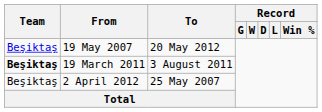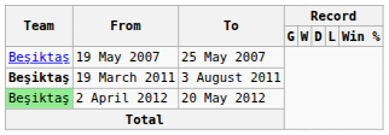 <table class="wikitable" style="text-align: center">
 <tr>
 <th rowspan="2">Team</th>
 <th rowspan="2">From</th>
 <th rowspan="2">To</th>
 <th colspan="5">Record</th>
 </tr>
 <tr>
 <th>G</th>
 <th>W</th>
 <th>D</th>
 <th>L</th>
 <th>Win %</th>
 </tr>
 <tr |->
 <td align=left><a href='#'>Beşiktaş</a></td>
 <td align=left>19 May 2007</td>
-<td align=left>20 May 2012<br></td>
+<td align=left>25 May 2007<br></td>
 </tr>
 <tr>
 <td align=left><strong>Beşiktaş</strong></td>
 <td align=left>19 March 2011</td>
 <td align=left>3 August 2011<br></td>
 </tr>
 <tr>
-<td align=left>Beşiktaş</td>
+<td align=left style="background: lightgreen;">Beşiktaş</td>
 <td align=left>2 April 2012</td>
-<td align=left>25 May 2007<br></td>
+<td align=left>20 May 2012<br></td>
 </tr>
 <tr>
 <th colspan="3">Total<br>  </th>
 </tr>
 </table>
